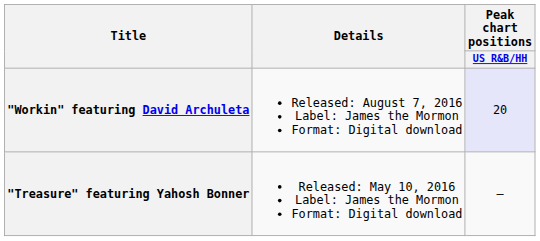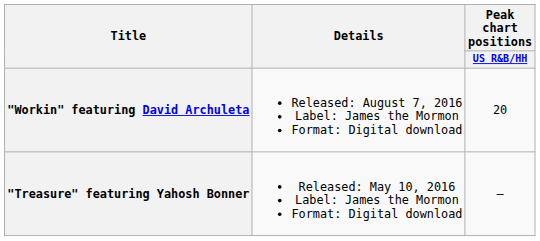 <table class="wikitable plainrowheaders" style="text-align:center;">
 <tr>
 <th rowspan="2" scope="col">Title</th>
 <th rowspan="2" scope="col">Details</th>
 <th colspan="2">Peak chart positions</th>
 </tr>
 <tr>
 <th scope="col" style="width:3em;font-size:85%;"><a href='#'>US R&B/HH</a></th>
 </tr>
 <tr>
 <th scope="row">"Workin" featuring <a href='#'>David Archuleta</a></th>
 <td><br><ul><li>Released: August 7, 2016</li><li>Label: James the Mormon</li><li>Format: Digital download</li></ul></td>
-<td style="background: lavender;">20</td>
+<td>20</td>
 </tr>
 <tr>
 <th scope="row">"Treasure" featuring Yahosh Bonner</th>
 <td><br><ul><li>Released: May 10, 2016</li><li>Label: James the Mormon</li><li>Format: Digital download</li></ul></td>
 <td>—</td>
 </tr>
 </table>
